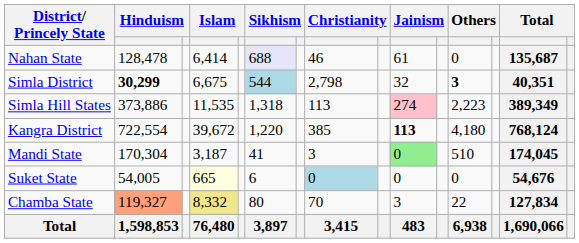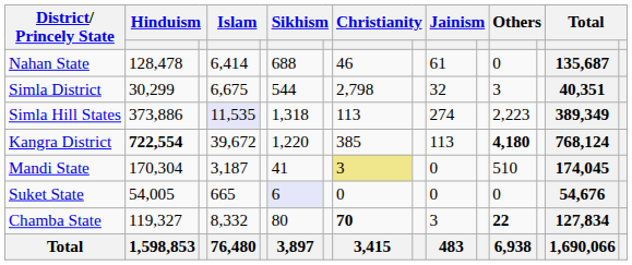 <table class="wikitable sortable">
 <tr>
 <th rowspan="2"><a href='#'>District</a>/<br><a href='#'>Princely State</a></th>
 <th colspan="2"><a href='#'>Hinduism</a> </th>
 <th colspan="2"><a href='#'>Islam</a> </th>
 <th colspan="2"><a href='#'>Sikhism</a> </th>
 <th colspan="2"><a href='#'>Christianity</a> </th>
 <th colspan="2"><a href='#'>Jainism</a> </th>
 <th colspan="2">Others</th>
 <th colspan="2">Total</th>
 </tr>
 <tr>
 <th><a href='#'></a></th>
 <th></th>
 <th></th>
 <th></th>
 <th></th>
 <th></th>
 <th></th>
 <th></th>
 <th></th>
 <th></th>
 <th></th>
 <th></th>
 <th></th>
 <th></th>
 </tr>
 <tr>
 <td><a href='#'>Nahan State</a></td>
 <td>128,478</td>
 <td></td>
 <td>6,414</td>
 <td></td>
-<td style="background: lavender;">688</td>
+<td>688</td>
 <td></td>
 <td>46</td>
 <td></td>
 <td>61</td>
 <td></td>
 <td>0</td>
 <td></td>
 <th>135,687</th>
 <th></th>
 </tr>
 <tr>
 <td><a href='#'>Simla District</a></td>
-<td><strong>30,299</strong></td>
+<td>30,299</td>
 <td></td>
 <td>6,675</td>
 <td></td>
-<td style="background: lightblue;">544</td>
+<td>544</td>
 <td></td>
 <td>2,798</td>
 <td></td>
 <td>32</td>
 <td></td>
-<td><strong>3</strong></td>
+<td>3</td>
 <td></td>
 <th>40,351</th>
 <th></th>
 </tr>
 <tr>
 <td><a href='#'>Simla Hill States</a></td>
 <td>373,886</td>
 <td></td>
-<td>11,535</td>
+<td style="background: lavender;">11,535</td>
 <td></td>
 <td>1,318</td>
 <td></td>
 <td>113</td>
 <td></td>
-<td style="background: pink;">274</td>
+<td>274</td>
 <td></td>
 <td>2,223</td>
 <td></td>
 <th>389,349</th>
 <th></th>
 </tr>
 <tr>
 <td><a href='#'>Kangra District</a></td>
-<td>722,554</td>
+<td><strong>722,554</strong></td>
 <td></td>
 <td>39,672</td>
 <td></td>
 <td>1,220</td>
 <td></td>
 <td>385</td>
 <td></td>
-<td><strong>113</strong></td>
+<td>113</td>
 <td></td>
-<td>4,180</td>
+<td><strong>4,180</strong></td>
 <td></td>
 <th>768,124</th>
 <th></th>
 </tr>
 <tr>
 <td><a href='#'>Mandi State</a></td>
 <td>170,304</td>
 <td></td>
 <td>3,187</td>
 <td></td>
 <td>41</td>
 <td></td>
-<td>3</td>
+<td style="background: khaki;">3</td>
 <td></td>
-<td style="background: lightgreen;">0</td>
+<td>0</td>
 <td></td>
 <td>510</td>
 <td></td>
 <th>174,045</th>
 <th></th>
 </tr>
 <tr>
 <td><a href='#'>Suket State</a></td>
 <td>54,005</td>
 <td></td>
-<td style="background: lightyellow;">665</td>
+<td>665</td>
 <td></td>
-<td>6</td>
+<td style="background: lavender;">6</td>
 <td></td>
-<td style="background: lightblue;">0</td>
+<td>0</td>
 <td></td>
 <td>0</td>
 <td></td>
 <td>0</td>
 <td></td>
 <th>54,676</th>
 <th></th>
 </tr>
 <tr>
 <td><a href='#'>Chamba State</a></td>
-<td style="background: lightsalmon;">119,327</td>
+<td>119,327</td>
 <td></td>
-<td style="background: khaki;">8,332</td>
+<td>8,332</td>
 <td></td>
 <td>80</td>
 <td></td>
-<td>70</td>
+<td><strong>70</strong></td>
 <td></td>
 <td>3</td>
 <td></td>
-<td>22</td>
+<td><strong>22</strong></td>
 <td></td>
 <th>127,834</th>
 <th></th>
 </tr>
 <tr>
 <th>Total</th>
 <th>1,598,853</th>
 <th></th>
 <th>76,480</th>
 <th></th>
 <th>3,897</th>
 <th></th>
 <th>3,415</th>
 <th></th>
 <th>483</th>
 <th></th>
 <th>6,938</th>
 <th></th>
 <th>1,690,066</th>
 <th></th>
 </tr>
 </table>
